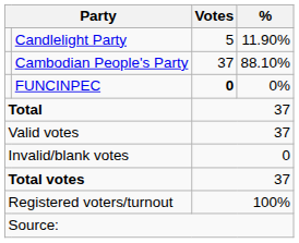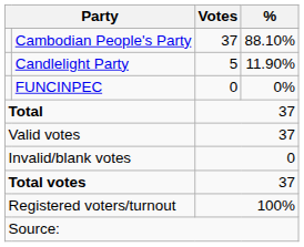 <table class="wikitable mw-collapsible mw-collapsed" style="text-align:right">
 <tr>
 <th colspan="2">Party</th>
 <th>Votes</th>
 <th>%</th>
+</tr>
+<tr>
+<td></td>
+<td align="left"><a href='#'>Cambodian People's Party</a></td>
+<td>37</td>
+<td>88.10%</td>
 </tr>
 <tr>
 <td></td>
 <td align="left"><a href='#'>Candlelight Party</a></td>
 <td>5</td>
 <td>11.90%</td>
 </tr>
 <tr>
 <td></td>
-<td align="left"><a href='#'>Cambodian People's Party</a></td>
-<td>37</td>
-<td>88.10%</td>
-</tr>
-<tr>
-<td></td>
 <td align="left"><a href='#'>FUNCINPEC</a></td>
-<td><strong>0</strong></td>
+<td>0</td>
 <td>0%</td>
 </tr>
 <tr>
 <td colspan="2" style="text-align:left;"><strong>Total</strong></td>
 <td colspan="2">37</td>
 </tr>
 <tr>
 <td colspan="2" style="text-align:left;">Valid votes</td>
 <td colspan="2">37</td>
 </tr>
 <tr>
 <td colspan="2" style="text-align:left;">Invalid/blank votes</td>
 <td colspan="2">0</td>
 </tr>
 <tr>
 <td colspan="2" style="text-align:left;"><strong>Total votes</strong></td>
 <td colspan="2">37</td>
 </tr>
 <tr>
 <td colspan="2" style="text-align:left;">Registered voters/turnout</td>
 <td colspan="2">100%</td>
 </tr>
 <tr>
 <td colspan="4" style="text-align:left;">Source: </td>
 </tr>
 </table>
